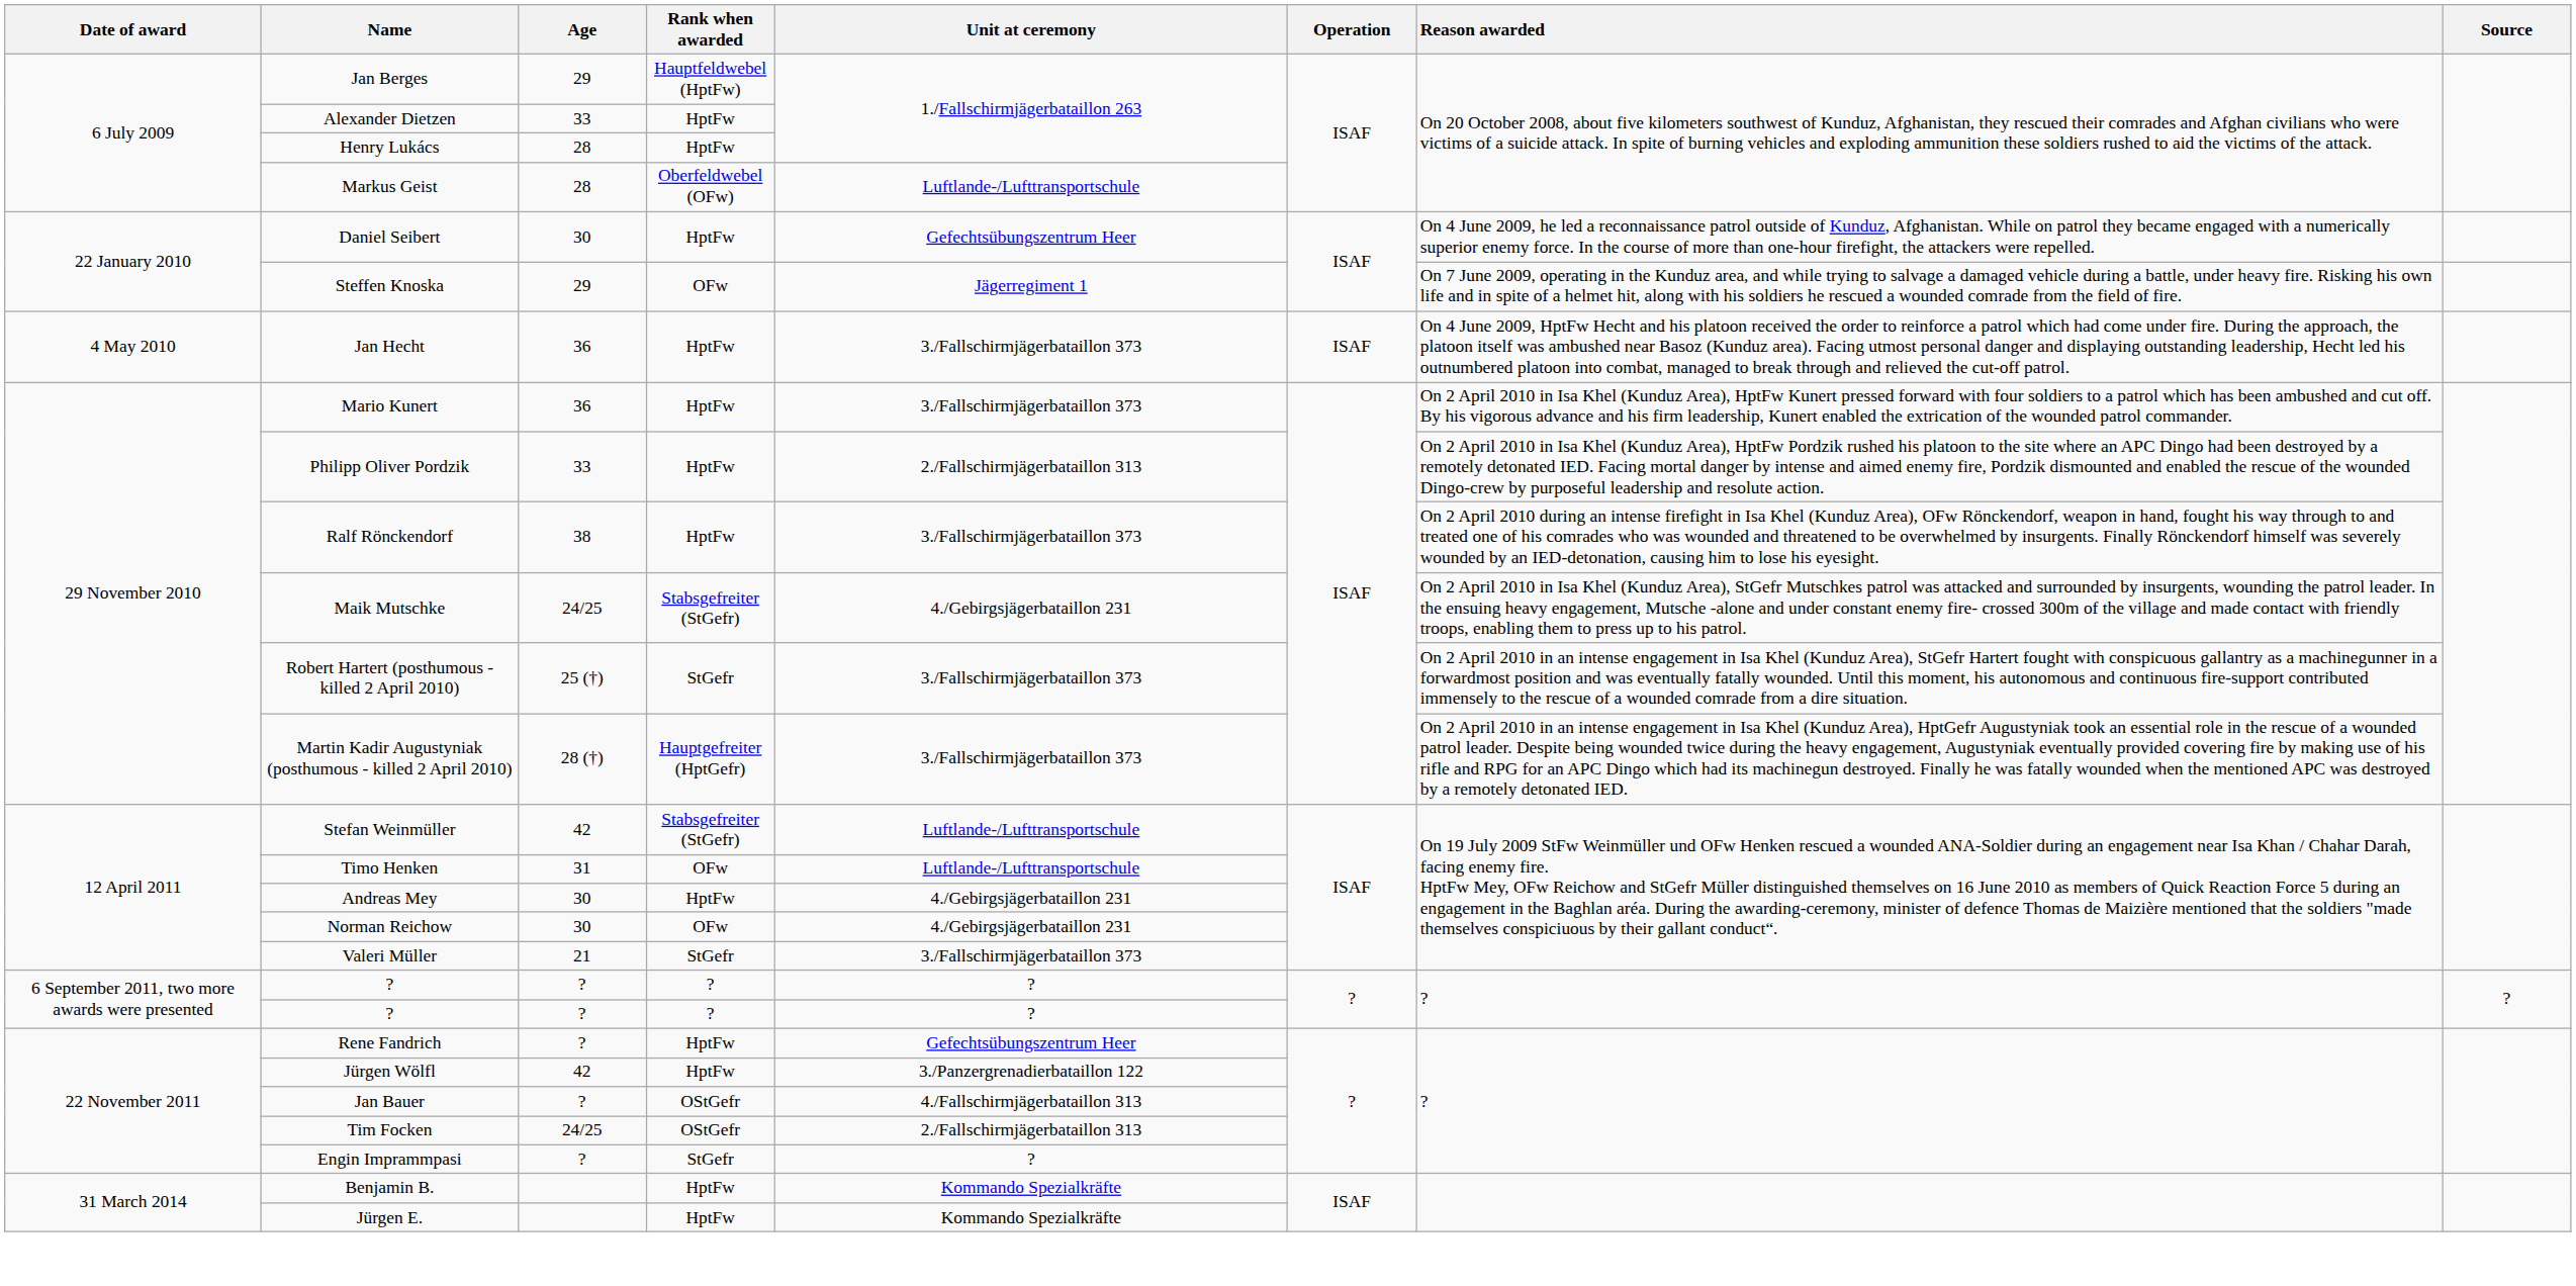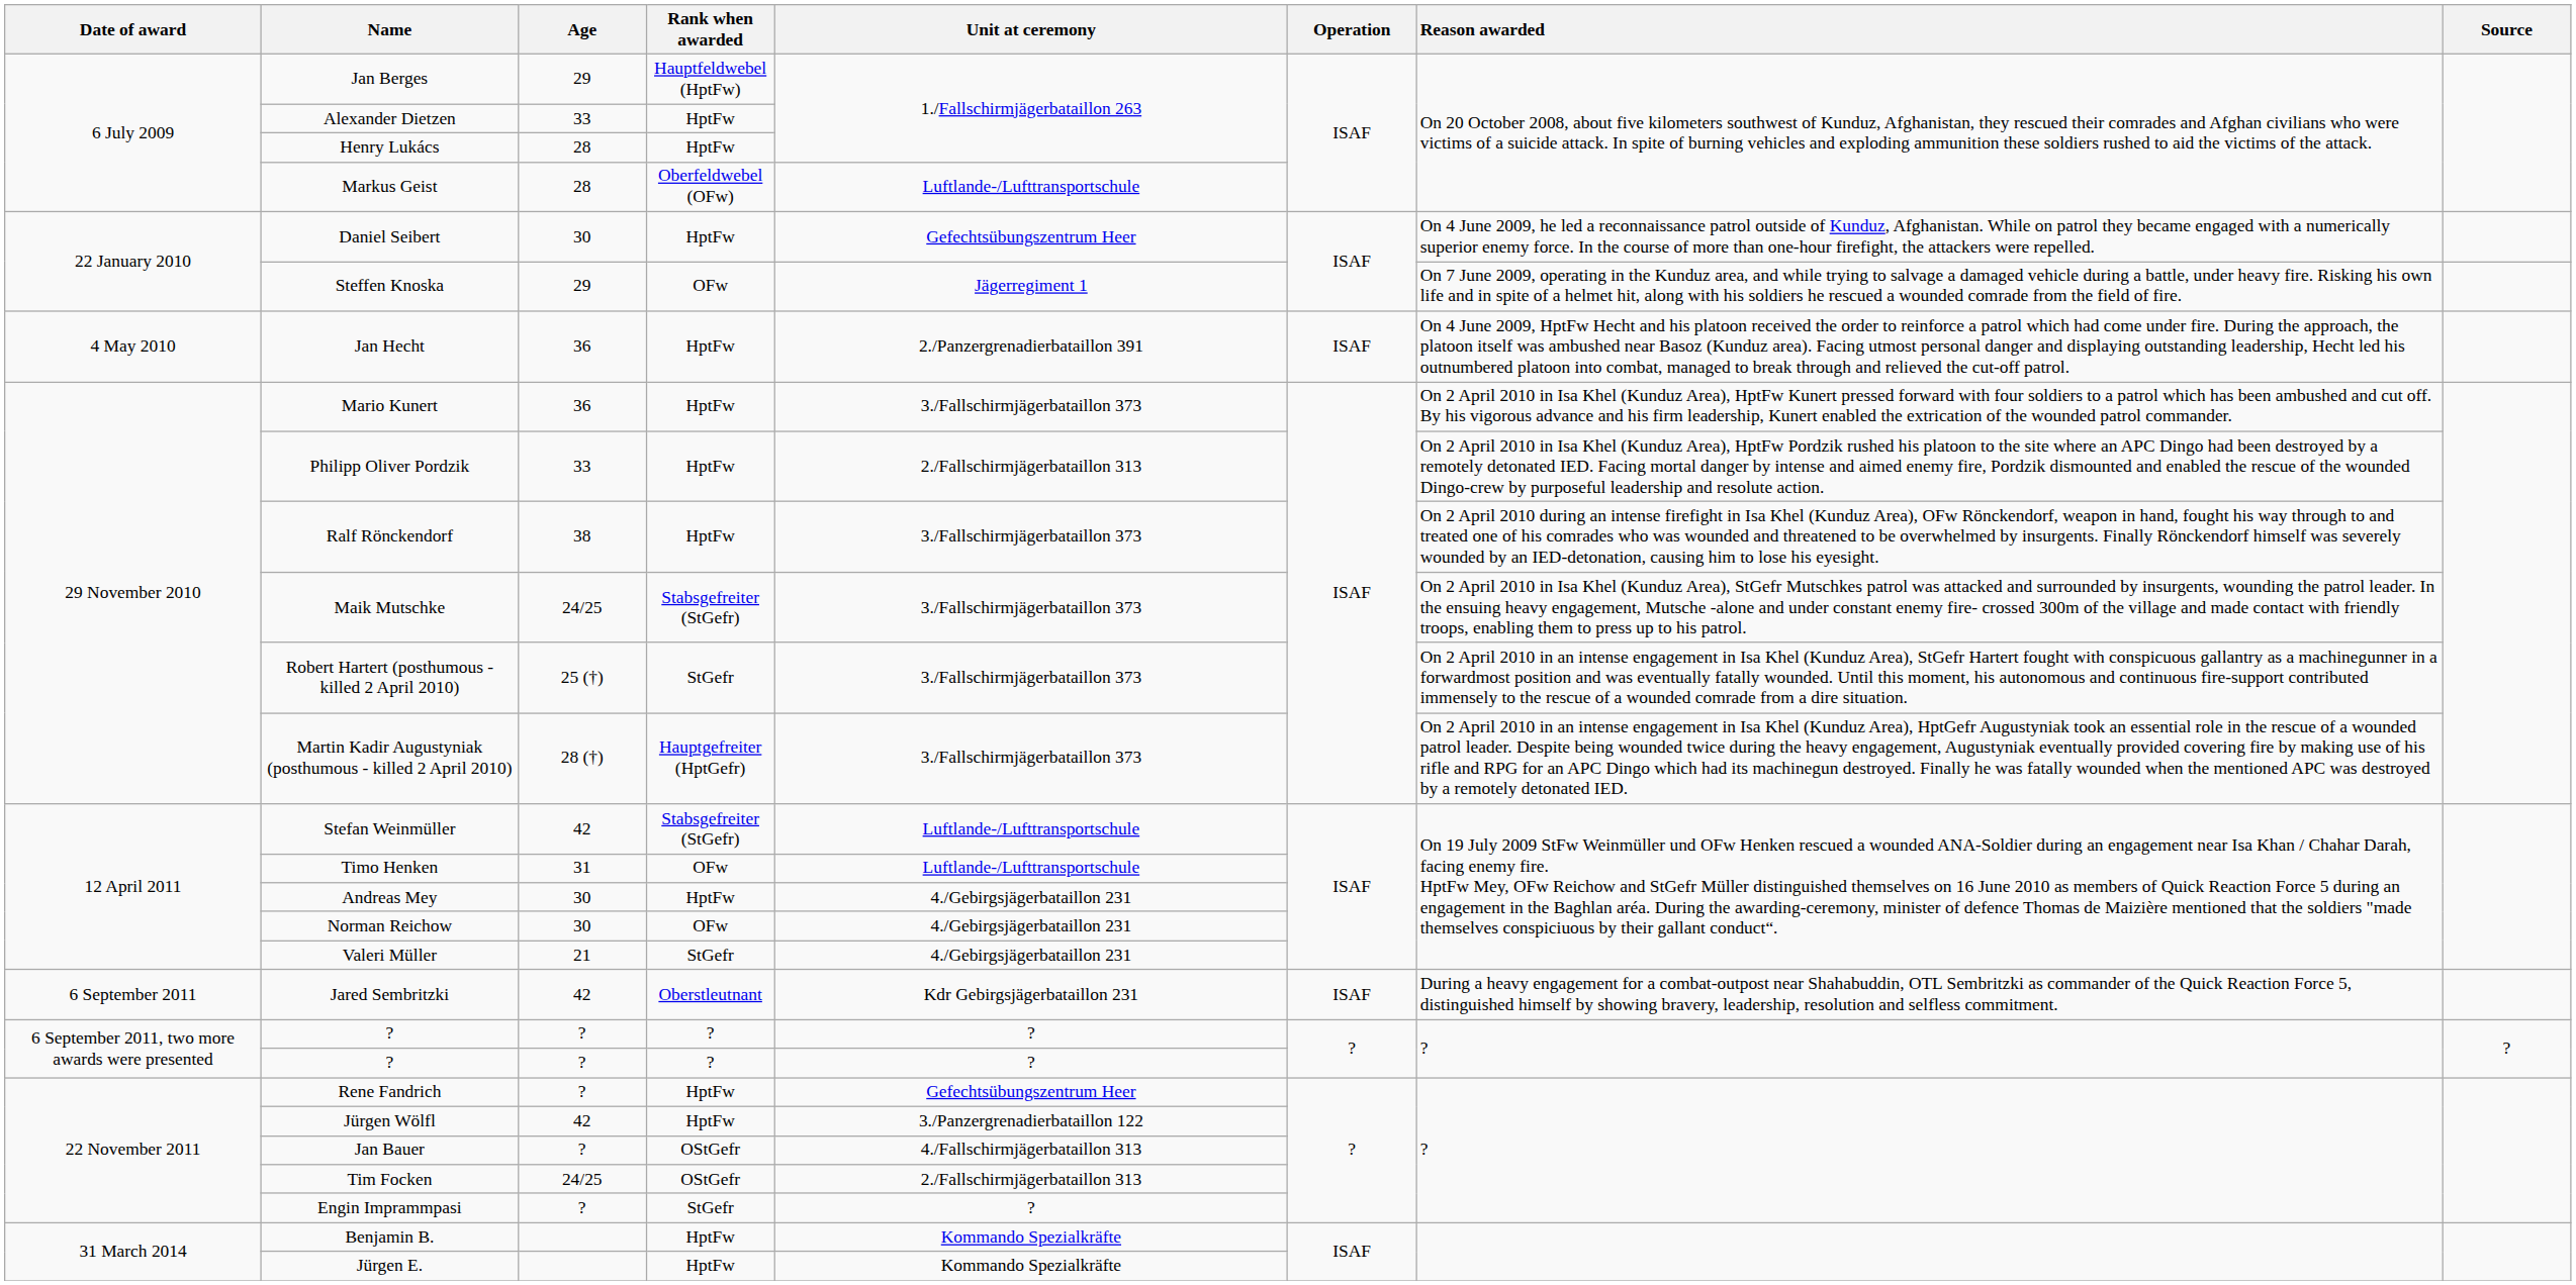 <table class="wikitable sortable" style="width: 100%; font-size: 85%; text-align: center;">
 <tr>
 <th style="width:10%;" class="unsortable">Date of award</th>
 <th style="width:10%;" class="unsortable">Name</th>
 <th style="width:5%;" class="unsortable">Age</th>
 <th style="width:5%;" class="unsortable">Rank when awarded</th>
 <th style="width:20%;" class="unsortable">Unit at ceremony</th>
 <th style="width:5%;" class="unsortable">Operation</th>
 <th class="unsortable" style="width:40%; text-align:left;">Reason awarded</th>
 <th style="width:5%;" class="unsortable">Source</th>
 </tr>
 <tr>
 <td rowspan="4">6 July 2009</td>
 <td>Jan Berges</td>
 <td>29</td>
 <td><a href='#'>Hauptfeldwebel</a> (HptFw)</td>
 <td rowspan="3">1./<a href='#'>Fallschirmjägerbataillon 263</a></td>
 <td rowspan="4">ISAF</td>
 <td rowspan="4" style="text-align:left;">On 20 October 2008, about five kilometers southwest of Kunduz, Afghanistan, they rescued their comrades and Afghan civilians who were victims of a suicide attack.  In spite of burning vehicles and exploding ammunition these soldiers rushed to aid the victims of the attack.</td>
 <td rowspan="4"></td>
 </tr>
 <tr>
 <td>Alexander Dietzen</td>
 <td>33</td>
 <td>HptFw</td>
 </tr>
 <tr>
 <td>Henry Lukács</td>
 <td>28</td>
 <td>HptFw</td>
 </tr>
 <tr>
 <td>Markus Geist</td>
 <td>28</td>
 <td><a href='#'>Oberfeldwebel</a> (OFw)</td>
 <td><a href='#'>Luftlande-/Lufttransportschule</a></td>
 </tr>
 <tr>
 <td rowspan="2">22 January 2010</td>
 <td>Daniel Seibert</td>
 <td>30</td>
 <td>HptFw</td>
 <td><a href='#'>Gefechtsübungszentrum Heer</a></td>
 <td rowspan="2">ISAF</td>
 <td style="text-align:left;">On 4 June 2009, he led a reconnaissance patrol outside of <a href='#'>Kunduz</a>, Afghanistan. While on patrol they became engaged with a numerically superior enemy force.  In the course of more than one-hour firefight, the attackers were repelled.</td>
 <td></td>
 </tr>
 <tr>
 <td>Steffen Knoska</td>
 <td>29</td>
 <td>OFw</td>
 <td><a href='#'>Jägerregiment 1</a></td>
 <td style="text-align:left;">On 7 June 2009, operating in the Kunduz area, and while trying to salvage a damaged vehicle during a battle, under heavy fire. Risking his own life and in spite of a helmet hit, along with his soldiers he rescued a wounded comrade from the field of fire.</td>
 <td></td>
 </tr>
 <tr>
 <td>4 May 2010</td>
 <td>Jan Hecht</td>
 <td>36</td>
 <td>HptFw</td>
-<td>3./Fallschirmjägerbataillon 373</td>
+<td>2./Panzergrenadierbataillon 391</td>
 <td>ISAF</td>
 <td style="text-align:left;">On 4 June 2009, HptFw Hecht and his platoon received the order to reinforce a patrol which had come under fire. During the approach, the platoon itself was ambushed near Basoz (Kunduz area). Facing utmost personal danger and displaying outstanding leadership, Hecht led his outnumbered platoon into combat, managed to break through and relieved the cut-off patrol.</td>
 <td></td>
 </tr>
 <tr>
 <td rowspan="6">29 November 2010</td>
 <td>Mario Kunert</td>
 <td>36</td>
 <td>HptFw</td>
 <td>3./Fallschirmjägerbataillon 373</td>
 <td rowspan="6">ISAF</td>
 <td style="text-align:left;">On 2 April 2010 in Isa Khel (Kunduz Area), HptFw Kunert pressed forward with four soldiers to a patrol which has been ambushed and cut off. By his vigorous  advance and his firm leadership, Kunert enabled the extrication of the wounded patrol commander.</td>
 <td rowspan="6"><br>  </td>
 </tr>
 <tr>
 <td>Philipp Oliver Pordzik</td>
 <td>33</td>
 <td>HptFw</td>
 <td>2./Fallschirmjägerbataillon 313</td>
 <td style="text-align:left;">On 2 April 2010 in Isa Khel (Kunduz Area), HptFw Pordzik rushed his platoon to the site where an APC Dingo had been destroyed by a remotely detonated IED. Facing mortal danger by intense and aimed enemy fire, Pordzik dismounted and enabled the rescue of the wounded Dingo-crew by purposeful leadership and resolute action.</td>
 </tr>
 <tr>
 <td>Ralf Rönckendorf</td>
 <td>38</td>
 <td>HptFw</td>
 <td>3./Fallschirmjägerbataillon 373</td>
 <td style="text-align:left;">On 2 April 2010 during an intense firefight in Isa Khel (Kunduz Area), OFw Rönckendorf, weapon in hand, fought his way through to and treated one of his comrades who was wounded and threatened to be overwhelmed by insurgents. Finally Rönckendorf himself was severely wounded by an IED-detonation, causing him to lose his eyesight.</td>
 </tr>
 <tr>
 <td>Maik Mutschke</td>
 <td>24/25</td>
 <td><a href='#'>Stabsgefreiter</a> (StGefr)</td>
-<td>4./Gebirgsjägerbataillon 231</td>
+<td>3./Fallschirmjägerbataillon 373</td>
 <td style="text-align:left;">On 2 April 2010 in Isa Khel (Kunduz Area), StGefr Mutschkes patrol was attacked and surrounded by insurgents, wounding the patrol leader. In the ensuing heavy engagement, Mutsche -alone and under constant enemy fire- crossed 300m of the village and made contact with friendly troops, enabling them to press up to his patrol.</td>
 </tr>
 <tr>
 <td>Robert Hartert (posthumous - killed 2 April 2010)</td>
 <td>25 (†)</td>
 <td>StGefr</td>
 <td>3./Fallschirmjägerbataillon 373</td>
 <td style="text-align:left;">On 2 April 2010 in an intense engagement in Isa Khel (Kunduz Area), StGefr Hartert fought with conspicuous gallantry as a machinegunner in a forwardmost position and was eventually fatally wounded. Until this moment, his autonomous and continuous fire-support contributed immensely to the rescue of a wounded comrade from a dire situation.</td>
 </tr>
 <tr>
 <td>Martin Kadir Augustyniak (posthumous - killed 2 April 2010)</td>
 <td>28 (†)</td>
 <td><a href='#'>Hauptgefreiter</a> (HptGefr)</td>
 <td>3./Fallschirmjägerbataillon 373</td>
 <td style="text-align:left;">On 2 April 2010 in an intense engagement in Isa Khel (Kunduz Area), HptGefr Augustyniak took an essential role in the rescue of a wounded patrol leader. Despite being wounded twice during the heavy engagement, Augustyniak eventually provided covering fire by making use of his rifle and RPG for an APC Dingo which had its machinegun destroyed. Finally he was fatally wounded when the mentioned APC was destroyed by a remotely detonated IED.</td>
 </tr>
 <tr>
 <td rowspan="5">12 April 2011</td>
 <td>Stefan Weinmüller</td>
 <td>42</td>
 <td><a href='#'>Stabsgefreiter</a> (StGefr)</td>
 <td><a href='#'>Luftlande-/Lufttransportschule</a></td>
 <td rowspan="5">ISAF</td>
 <td rowspan="5" style="text-align:left;">On 19 July 2009 StFw Weinmüller und OFw Henken rescued a wounded ANA-Soldier during an engagement near Isa Khan / Chahar Darah, facing enemy fire.<br>HptFw Mey, OFw Reichow and StGefr Müller distinguished themselves on 16 June 2010 as members of Quick Reaction Force 5 during an engagement in the Baghlan aréa. During the awarding-ceremony, minister of defence Thomas de Maizière mentioned that the soldiers "made themselves conspiciuous by their gallant conduct“.</td>
 <td rowspan="5"></td>
 </tr>
 <tr>
 <td>Timo Henken</td>
 <td>31</td>
 <td>OFw</td>
 <td><a href='#'>Luftlande-/Lufttransportschule</a></td>
 </tr>
 <tr>
 <td>Andreas Mey</td>
 <td>30</td>
 <td>HptFw</td>
 <td>4./Gebirgsjägerbataillon 231</td>
 </tr>
 <tr>
 <td>Norman Reichow</td>
 <td>30</td>
 <td>OFw</td>
 <td>4./Gebirgsjägerbataillon 231</td>
 </tr>
 <tr>
 <td>Valeri Müller</td>
 <td>21</td>
 <td>StGefr</td>
-<td>3./Fallschirmjägerbataillon 373</td>
+<td>4./Gebirgsjägerbataillon 231</td>
+</tr>
+<tr>
+<td>6 September 2011</td>
+<td>Jared Sembritzki</td>
+<td>42</td>
+<td><a href='#'>Oberstleutnant</a></td>
+<td>Kdr Gebirgsjägerbataillon 231</td>
+<td>ISAF</td>
+<td style="text-align:left;">During a heavy engagement for a combat-outpost near Shahabuddin, OTL Sembritzki as commander of the Quick Reaction Force 5, distinguished himself by showing bravery, leadership, resolution and selfless commitment.</td>
+<td></td>
 </tr>
 <tr>
 <td rowspan="2">6 September 2011, two more awards were presented</td>
 <td>?</td>
 <td>?</td>
 <td>?</td>
 <td>?</td>
 <td rowspan="2">?</td>
 <td rowspan="2" style="text-align:left;">?</td>
 <td rowspan="2">?</td>
 </tr>
 <tr>
 <td>?</td>
 <td>?</td>
 <td>?</td>
 <td>?</td>
 </tr>
 <tr>
 <td rowspan="5">22 November 2011</td>
 <td>Rene Fandrich</td>
 <td>?</td>
 <td>HptFw</td>
 <td><a href='#'>Gefechtsübungszentrum Heer</a></td>
 <td rowspan="5">?</td>
 <td rowspan="5" style="text-align:left;">?</td>
 <td rowspan="5"></td>
 </tr>
 <tr>
 <td>Jürgen Wölfl</td>
 <td>42</td>
 <td>HptFw</td>
 <td>3./Panzergrenadierbataillon 122</td>
 </tr>
 <tr>
 <td>Jan Bauer</td>
 <td>?</td>
 <td>OStGefr</td>
 <td>4./Fallschirmjägerbataillon 313</td>
 </tr>
 <tr>
 <td>Tim Focken</td>
 <td>24/25</td>
 <td>OStGefr</td>
 <td>2./Fallschirmjägerbataillon 313</td>
 </tr>
 <tr>
 <td>Engin Imprammpasi</td>
 <td>?</td>
 <td>StGefr</td>
 <td>?</td>
 </tr>
 <tr>
 <td rowspan="2">31 March 2014</td>
 <td>Benjamin B.</td>
 <td></td>
 <td>HptFw</td>
 <td><a href='#'>Kommando Spezialkräfte</a></td>
 <td rowspan="2">ISAF</td>
 <td rowspan="2"></td>
 <td rowspan="2"></td>
 </tr>
 <tr>
 <td>Jürgen E.</td>
 <td></td>
 <td>HptFw</td>
 <td>Kommando Spezialkräfte</td>
 </tr>
 </table>
